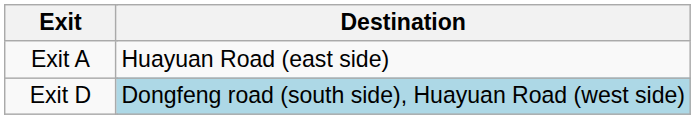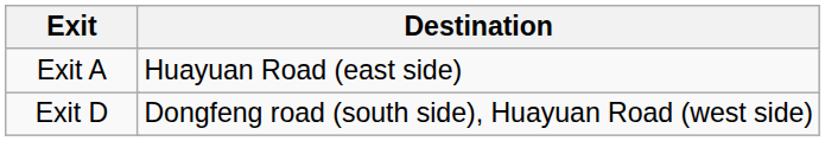 <table class="wikitable">
 <tr>
 <th style="width:70px" colspan="2">Exit</th>
 <th>Destination</th>
 </tr>
 <tr>
 <td align="center" colspan="2">Exit A</td>
 <td>Huayuan Road (east side)</td>
 </tr>
 <tr>
 <td align="center" colspan="2">Exit D</td>
-<td style="background: lightblue;">Dongfeng road (south side), Huayuan Road (west side)</td>
+<td>Dongfeng road (south side), Huayuan Road (west side)</td>
 </tr>
 </table>
